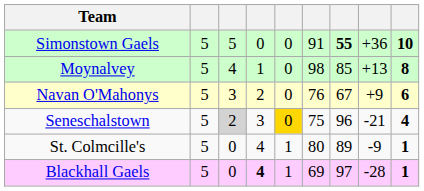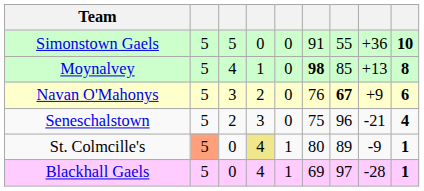 <table class="wikitable" style="text-align:center">
 <tr>
 <th style="width:175px;">Team</th>
 <th width="20"></th>
 <th width="20"></th>
 <th width="20"></th>
 <th width="20"></th>
 <th width="20"></th>
 <th width="20"></th>
 <th width="20"></th>
 <th width="20"></th>
 </tr>
 <tr style="background:#cfc;">
 <td><a href='#'>Simonstown Gaels</a></td>
 <td>5</td>
 <td>5</td>
 <td>0</td>
 <td>0</td>
 <td>91</td>
-<td><strong>55</strong></td>
+<td>55</td>
 <td>+36</td>
 <td><strong>10</strong></td>
 </tr>
 <tr style="background:#cfc;">
 <td><a href='#'>Moynalvey</a></td>
 <td>5</td>
 <td>4</td>
 <td>1</td>
 <td>0</td>
-<td>98</td>
+<td><strong>98</strong></td>
 <td>85</td>
 <td>+13</td>
 <td><strong>8</strong></td>
 </tr>
 <tr style="background:#ffffcc;">
 <td><a href='#'>Navan O'Mahonys</a></td>
 <td>5</td>
 <td>3</td>
 <td>2</td>
 <td>0</td>
 <td>76</td>
-<td>67</td>
+<td><strong>67</strong></td>
 <td>+9</td>
 <td><strong>6</strong></td>
 </tr>
 <tr>
 <td><a href='#'>Seneschalstown</a></td>
 <td>5</td>
-<td style="background: lightgrey;">2</td>
+<td>2</td>
 <td>3</td>
-<td style="background: gold;">0</td>
+<td>0</td>
 <td>75</td>
 <td>96</td>
 <td>-21</td>
 <td><strong>4</strong></td>
 </tr>
 <tr>
 <td>St. Colmcille's</td>
-<td>5</td>
+<td style="background: lightsalmon;">5</td>
 <td>0</td>
-<td>4</td>
+<td style="background: khaki;">4</td>
 <td>1</td>
 <td>80</td>
 <td>89</td>
 <td>-9</td>
 <td><strong>1</strong></td>
 </tr>
 <tr style="background:#fcf;">
 <td><a href='#'>Blackhall Gaels</a></td>
 <td>5</td>
 <td>0</td>
-<td><strong>4</strong></td>
+<td>4</td>
 <td>1</td>
 <td>69</td>
 <td>97</td>
 <td>-28</td>
 <td><strong>1</strong></td>
 </tr>
 </table>
